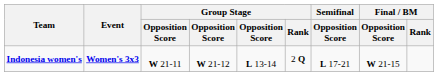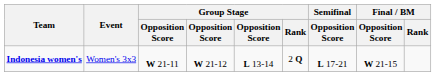 <table class="wikitable" style=font-size:85%;float:center;text-align:center>
 <tr>
 <th rowspan="2">Team</th>
 <th rowspan="2">Event</th>
 <th colspan="4">Group Stage</th>
 <th>Semifinal</th>
 <th colspan="2">Final / BM</th>
 </tr>
 <tr>
 <th>Opposition<br>Score</th>
 <th>Opposition<br>Score</th>
 <th>Opposition<br>Score</th>
 <th>Rank</th>
 <th>Opposition<br>Score</th>
 <th>Opposition<br>Score</th>
 <th>Rank</th>
 </tr>
 <tr align="center">
 <td align="left"><strong><a href='#'>Indonesia women's</a></strong></td>
-<td align="left"><strong><a href='#'>Women's 3x3</a></strong></td>
+<td align="left"><a href='#'>Women's 3x3</a></td>
 <td><br><strong>W</strong> 21-11</td>
 <td><br><strong>W</strong> 21-12</td>
 <td><br><strong>L</strong> 13-14</td>
 <td>2 <strong>Q</strong></td>
 <td><br><strong>L</strong> 17-21</td>
 <td><br><strong>W</strong> 21-15</td>
 <td></td>
 </tr>
 </table>
